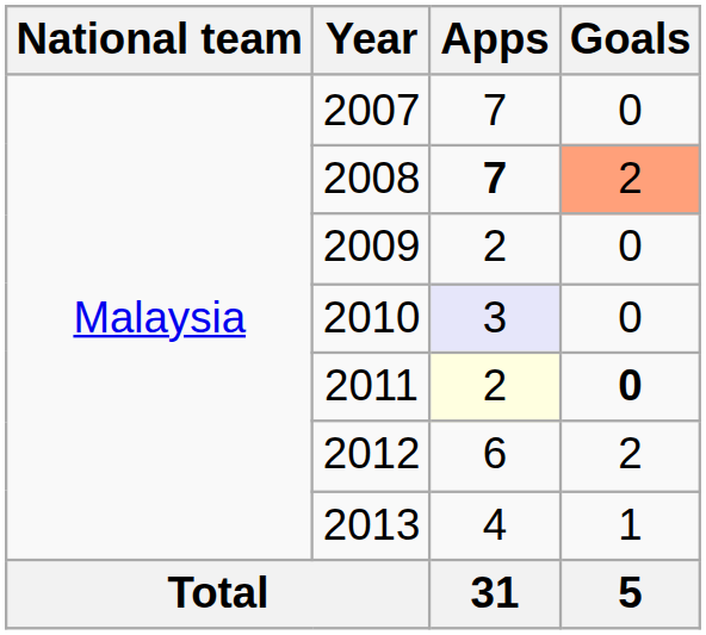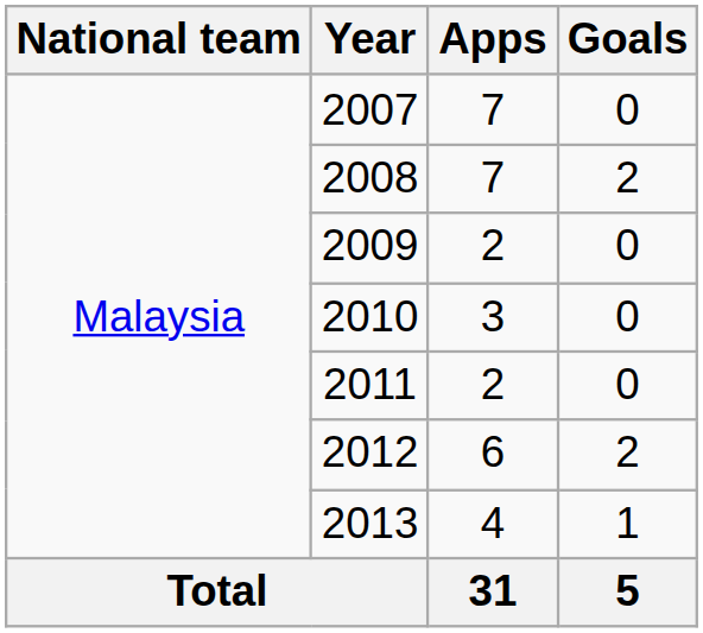 <table class=wikitable style="text-align: center">
 <tr>
 <th>National team</th>
 <th>Year</th>
 <th>Apps</th>
 <th>Goals</th>
 </tr>
 <tr>
 <td rowspan=7><a href='#'>Malaysia</a></td>
 <td>2007</td>
 <td>7</td>
 <td>0</td>
 </tr>
 <tr>
 <td>2008</td>
-<td><strong>7</strong></td>
-<td style="background: lightsalmon;">2</td>
+<td>7</td>
+<td>2</td>
 </tr>
 <tr>
 <td>2009</td>
 <td>2</td>
 <td>0</td>
 </tr>
 <tr>
 <td>2010</td>
-<td style="background: lavender;">3</td>
+<td>3</td>
 <td>0</td>
 </tr>
 <tr>
 <td>2011</td>
-<td style="background: lightyellow;">2</td>
-<td><strong>0</strong></td>
+<td>2</td>
+<td>0</td>
 </tr>
 <tr>
 <td>2012</td>
 <td>6</td>
 <td>2</td>
 </tr>
 <tr>
 <td>2013</td>
 <td>4</td>
 <td>1</td>
 </tr>
 <tr>
 <th colspan=2>Total</th>
 <th>31</th>
 <th>5</th>
 </tr>
 </table>
